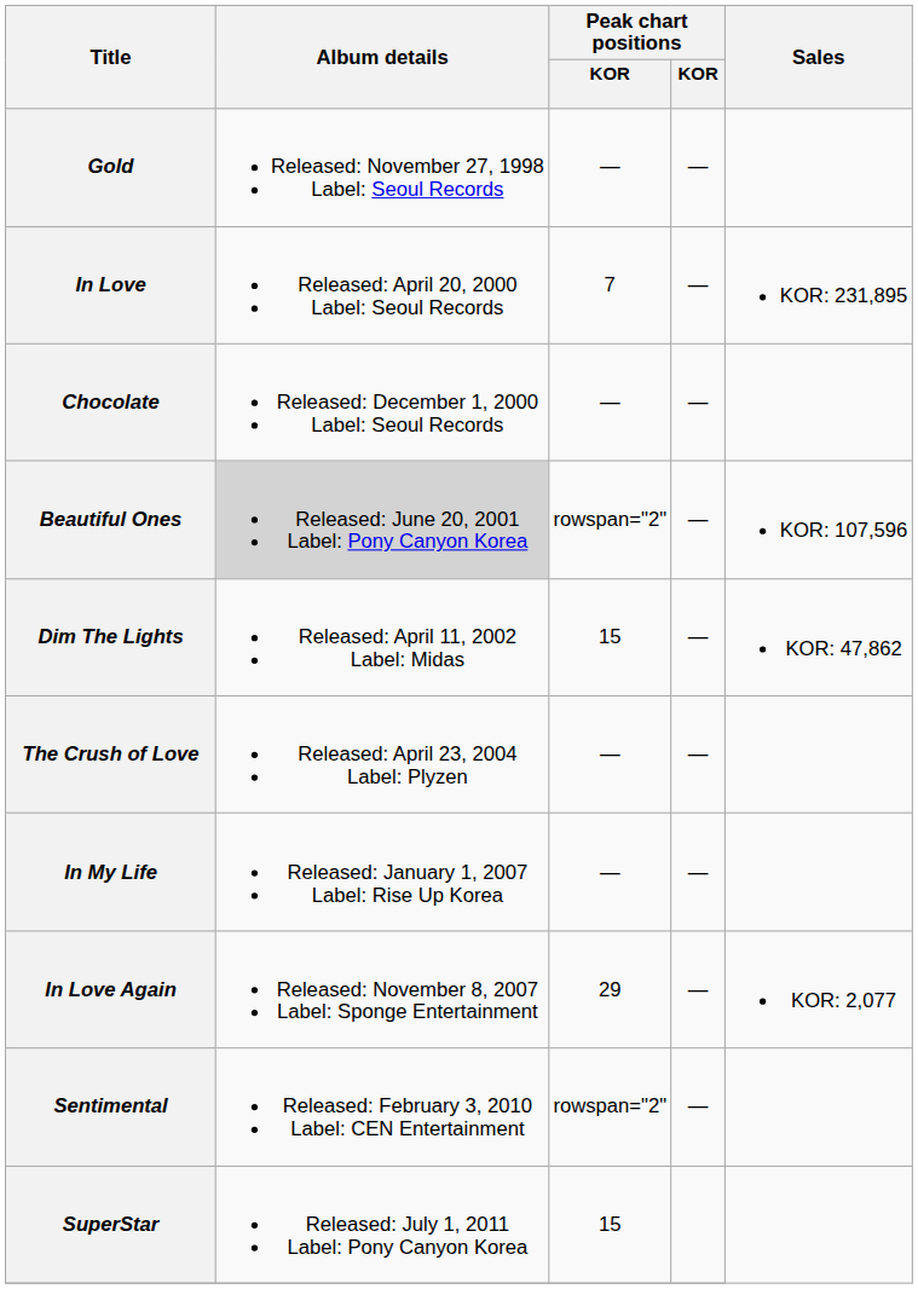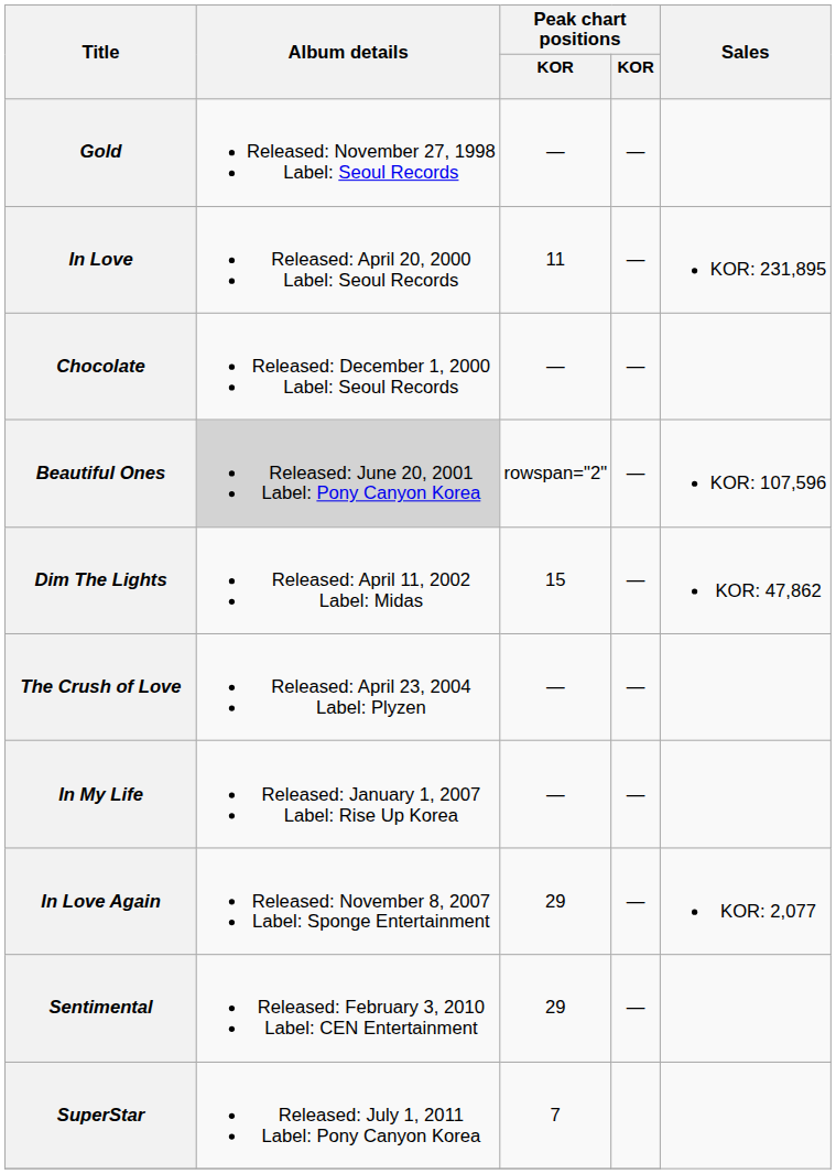 <table class="wikitable plainrowheaders" style="text-align:center;">
 <tr>
 <th rowspan="2" scope="col" style="width:10em;">Title</th>
 <th rowspan="2" scope="col">Album details</th>
 <th colspan="2">Peak chart positions</th>
 <th rowspan="2" scope="col">Sales</th>
 </tr>
 <tr>
 <th scope="col" style="width:2.5em;font-size:90%;">KOR<br><br></th>
 <th scope="col" style="width:2.5em;font-size:90%;">KOR<br><br></th>
 </tr>
 <tr>
 <th scope="row"><em>Gold</em></th>
 <td><br><ul><li>Released: November 27, 1998</li><li>Label: <a href='#'>Seoul Records</a></li></ul></td>
 <td>—</td>
 <td>—</td>
 <td></td>
 </tr>
 <tr>
 <th scope="row"><em>In Love</em></th>
 <td><br><ul><li>Released: April 20, 2000</li><li>Label: Seoul Records</li></ul></td>
-<td>7</td>
+<td>11</td>
 <td>—</td>
 <td><br><ul><li>KOR: 231,895</li></ul></td>
 </tr>
 <tr>
 <th scope="row"><em>Chocolate</em></th>
 <td><br><ul><li>Released: December 1, 2000</li><li>Label: Seoul Records</li></ul></td>
 <td>—</td>
 <td>—</td>
 <td></td>
 </tr>
 <tr>
 <th scope="row"><em>Beautiful Ones</em></th>
 <td style="background: lightgrey;"><br><ul><li>Released: June 20, 2001</li><li>Label: <a href='#'>Pony Canyon Korea</a></li></ul></td>
 <td>rowspan="2" </td>
 <td>—</td>
 <td><br><ul><li>KOR: 107,596</li></ul></td>
 </tr>
 <tr>
 <th scope="row"><em>Dim The Lights</em></th>
 <td><br><ul><li>Released: April 11, 2002</li><li>Label: Midas</li></ul></td>
 <td>15</td>
 <td>—</td>
 <td><br><ul><li>KOR: 47,862</li></ul></td>
 </tr>
 <tr>
 <th scope="row"><em>The Crush of Love</em></th>
 <td><br><ul><li>Released: April 23, 2004</li><li>Label: Plyzen</li></ul></td>
 <td>—</td>
 <td>—</td>
 <td></td>
 </tr>
 <tr>
 <th scope="row"><em>In My Life</em></th>
 <td><br><ul><li>Released: January 1, 2007</li><li>Label: Rise Up Korea</li></ul></td>
 <td>—</td>
 <td>—</td>
 <td></td>
 </tr>
 <tr>
 <th scope="row"><em>In Love Again</em></th>
 <td><br><ul><li>Released: November 8, 2007</li><li>Label: Sponge Entertainment</li></ul></td>
 <td>29</td>
 <td>—</td>
 <td><br><ul><li>KOR: 2,077</li></ul></td>
 </tr>
 <tr>
 <th scope="row"><em>Sentimental</em></th>
 <td><br><ul><li>Released: February 3, 2010</li><li>Label: CEN Entertainment</li></ul></td>
-<td>rowspan="2" </td>
+<td>29</td>
 <td>—</td>
 <td></td>
 </tr>
 <tr>
 <th scope="row"><em>SuperStar</em></th>
 <td><br><ul><li>Released: July 1, 2011</li><li>Label: Pony Canyon Korea</li></ul></td>
-<td>15</td>
+<td>7</td>
 <td></td>
 </tr>
 <tr>
 </tr>
 </table>
